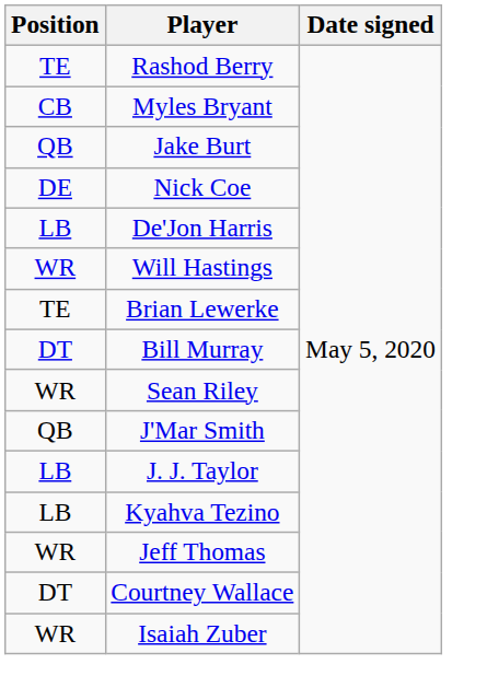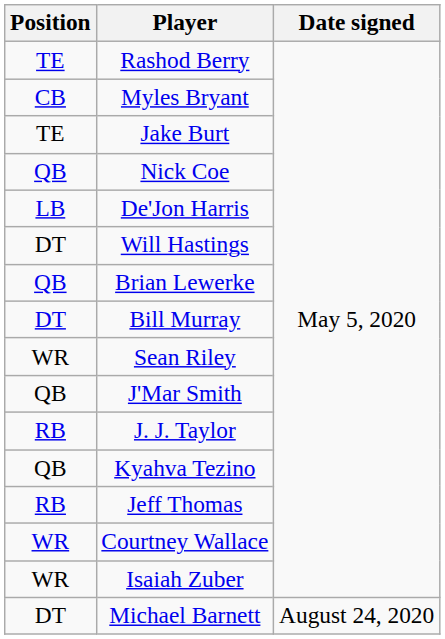 <table class="wikitable" style="text-align:center">
 <tr>
 <th>Position</th>
 <th>Player</th>
 <th>Date signed</th>
 </tr>
 <tr>
 <td><a href='#'>TE</a></td>
 <td><a href='#'>Rashod Berry</a></td>
 <td rowspan="15">May 5, 2020</td>
 </tr>
 <tr>
 <td><a href='#'>CB</a></td>
 <td><a href='#'>Myles Bryant</a></td>
 </tr>
 <tr>
-<td><a href='#'>QB</a></td>
+<td>TE</td>
 <td><a href='#'>Jake Burt</a></td>
 </tr>
 <tr>
-<td><a href='#'>DE</a></td>
+<td><a href='#'>QB</a></td>
 <td><a href='#'>Nick Coe</a></td>
 </tr>
 <tr>
 <td><a href='#'>LB</a></td>
 <td><a href='#'>De'Jon Harris</a></td>
 </tr>
 <tr>
-<td><a href='#'>WR</a></td>
+<td>DT</td>
 <td><a href='#'>Will Hastings</a></td>
 </tr>
 <tr>
-<td>TE</td>
+<td><a href='#'>QB</a></td>
 <td><a href='#'>Brian Lewerke</a></td>
 </tr>
 <tr>
 <td><a href='#'>DT</a></td>
 <td><a href='#'>Bill Murray</a></td>
 </tr>
 <tr>
 <td>WR</td>
 <td><a href='#'>Sean Riley</a></td>
 </tr>
 <tr>
 <td>QB</td>
 <td><a href='#'>J'Mar Smith</a></td>
 </tr>
 <tr>
-<td><a href='#'>LB</a></td>
+<td><a href='#'>RB</a></td>
 <td><a href='#'>J. J. Taylor</a></td>
 </tr>
 <tr>
-<td>LB</td>
+<td>QB</td>
 <td><a href='#'>Kyahva Tezino</a></td>
 </tr>
 <tr>
-<td>WR</td>
+<td><a href='#'>RB</a></td>
 <td><a href='#'>Jeff Thomas</a></td>
 </tr>
 <tr>
-<td>DT</td>
+<td><a href='#'>WR</a></td>
 <td><a href='#'>Courtney Wallace</a></td>
 </tr>
 <tr>
 <td>WR</td>
 <td><a href='#'>Isaiah Zuber</a></td>
 </tr>
+<tr>
+<td>DT</td>
+<td><a href='#'>Michael Barnett</a></td>
+<td>August 24, 2020</td>
+</tr>
 </table>
